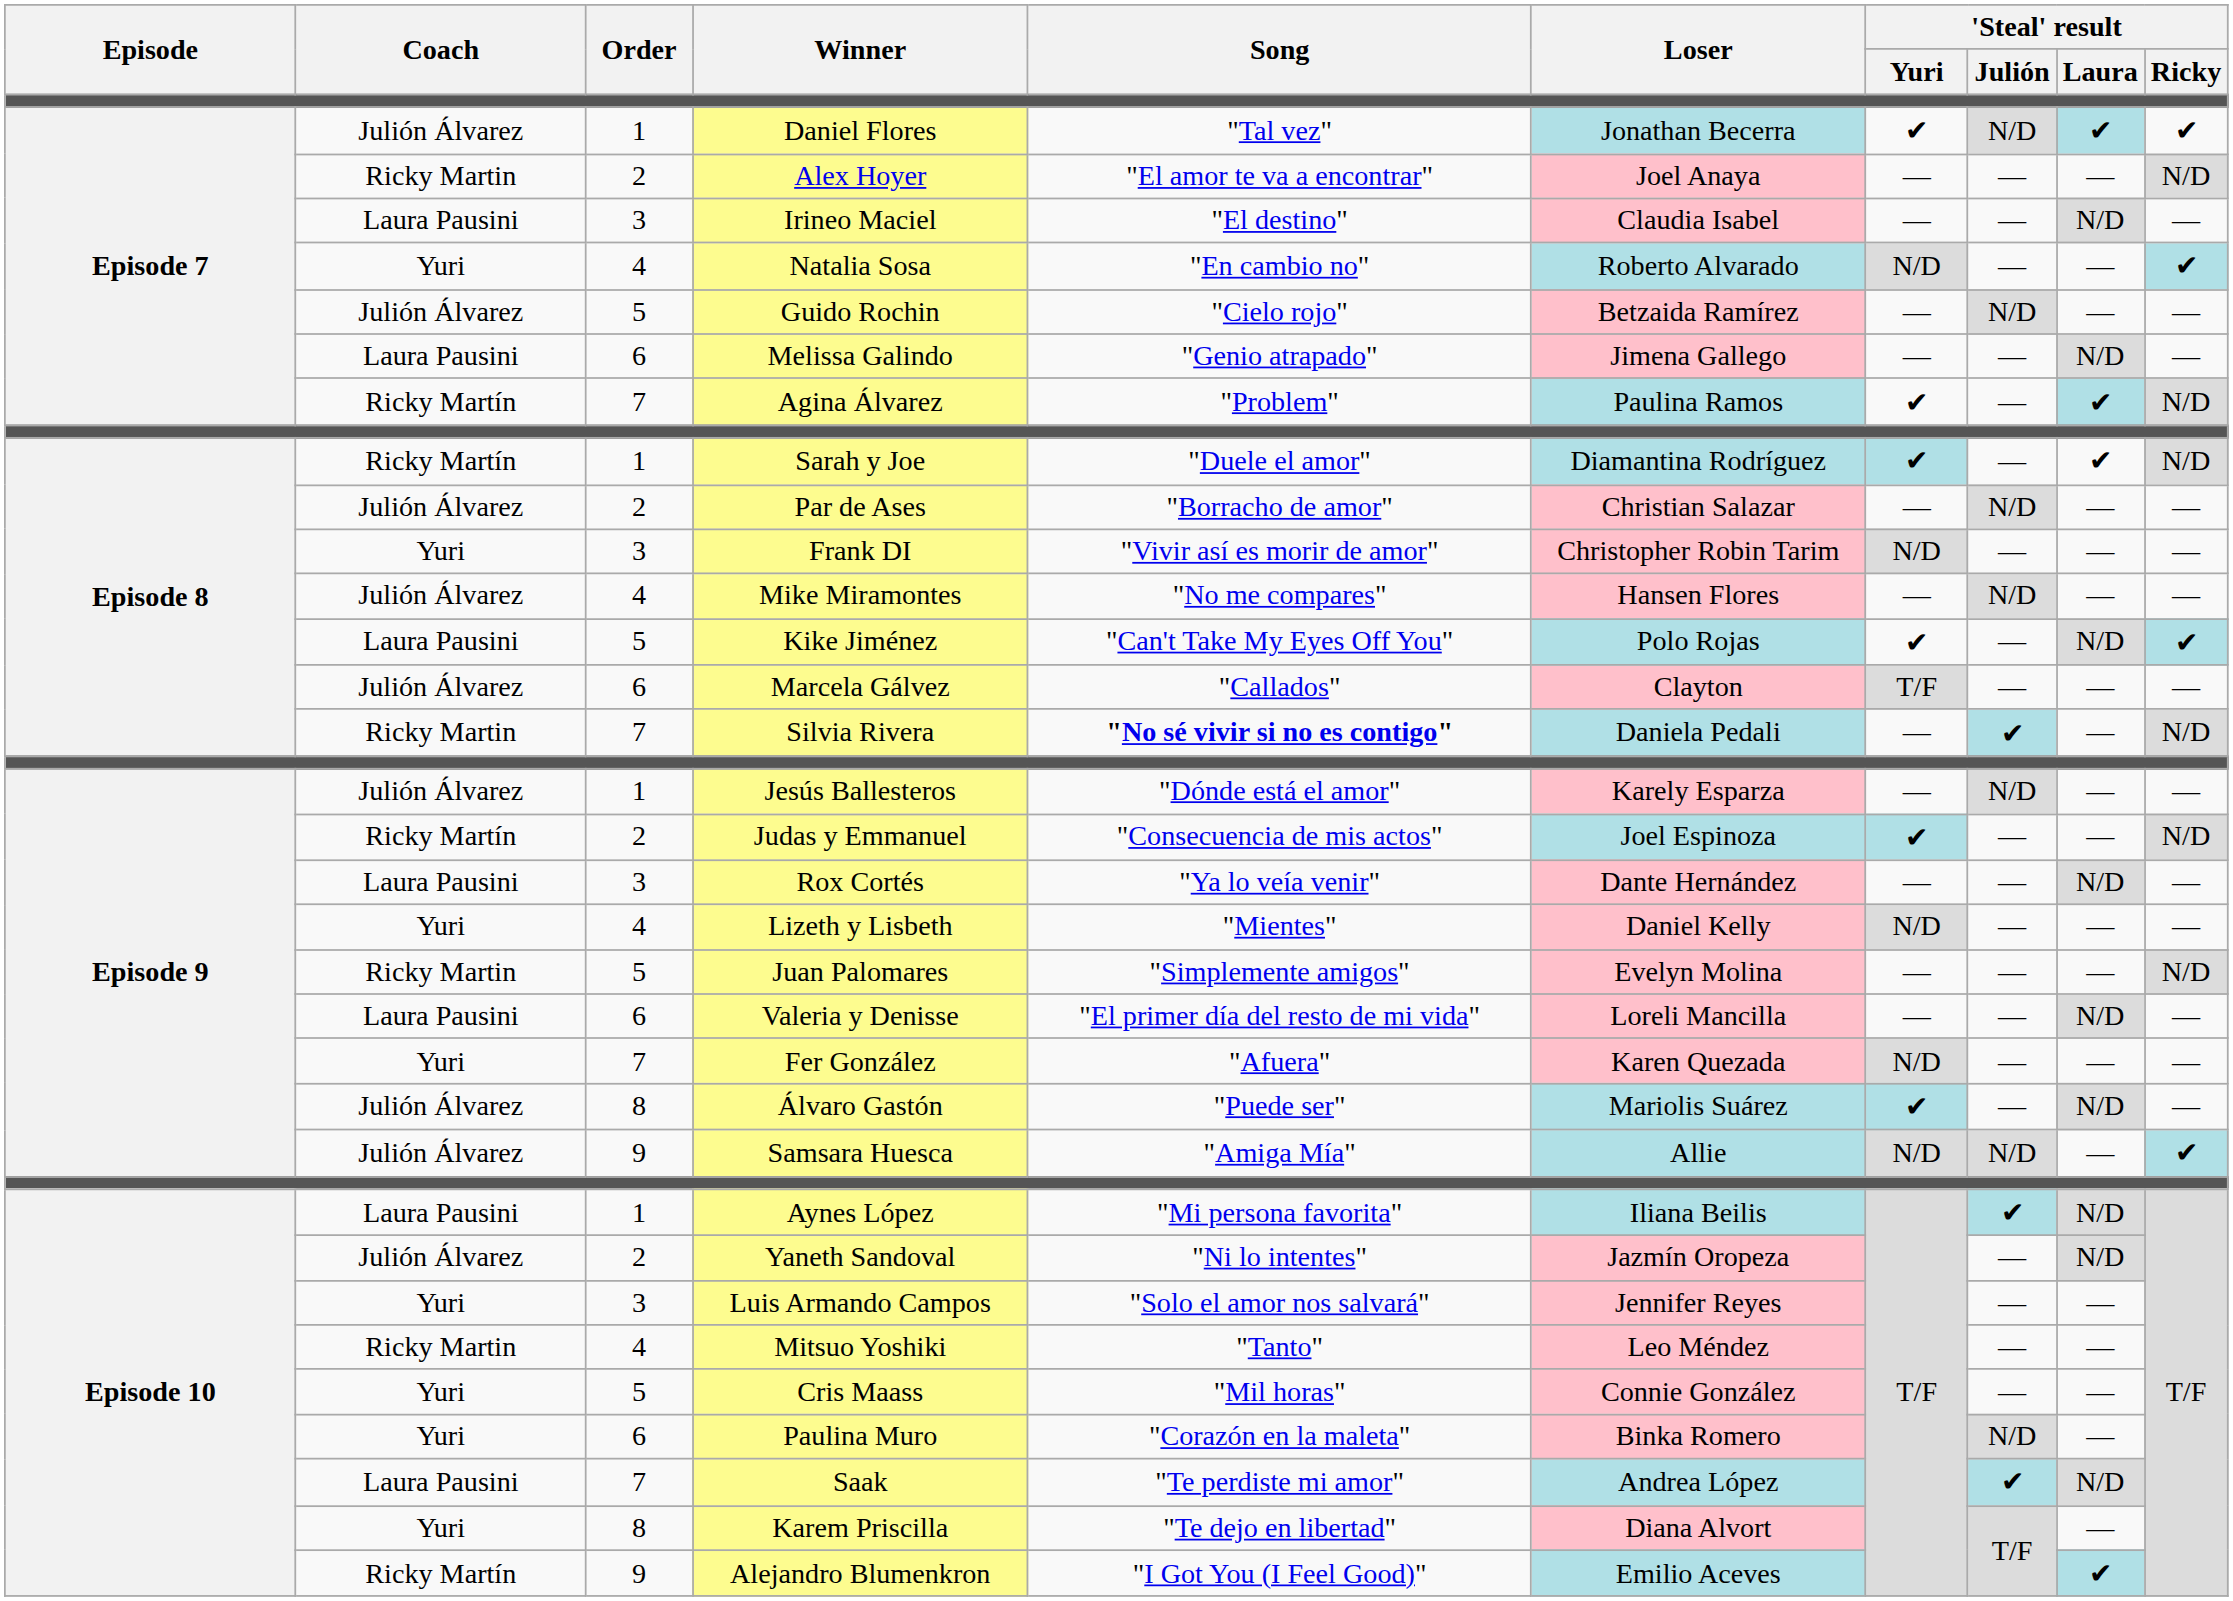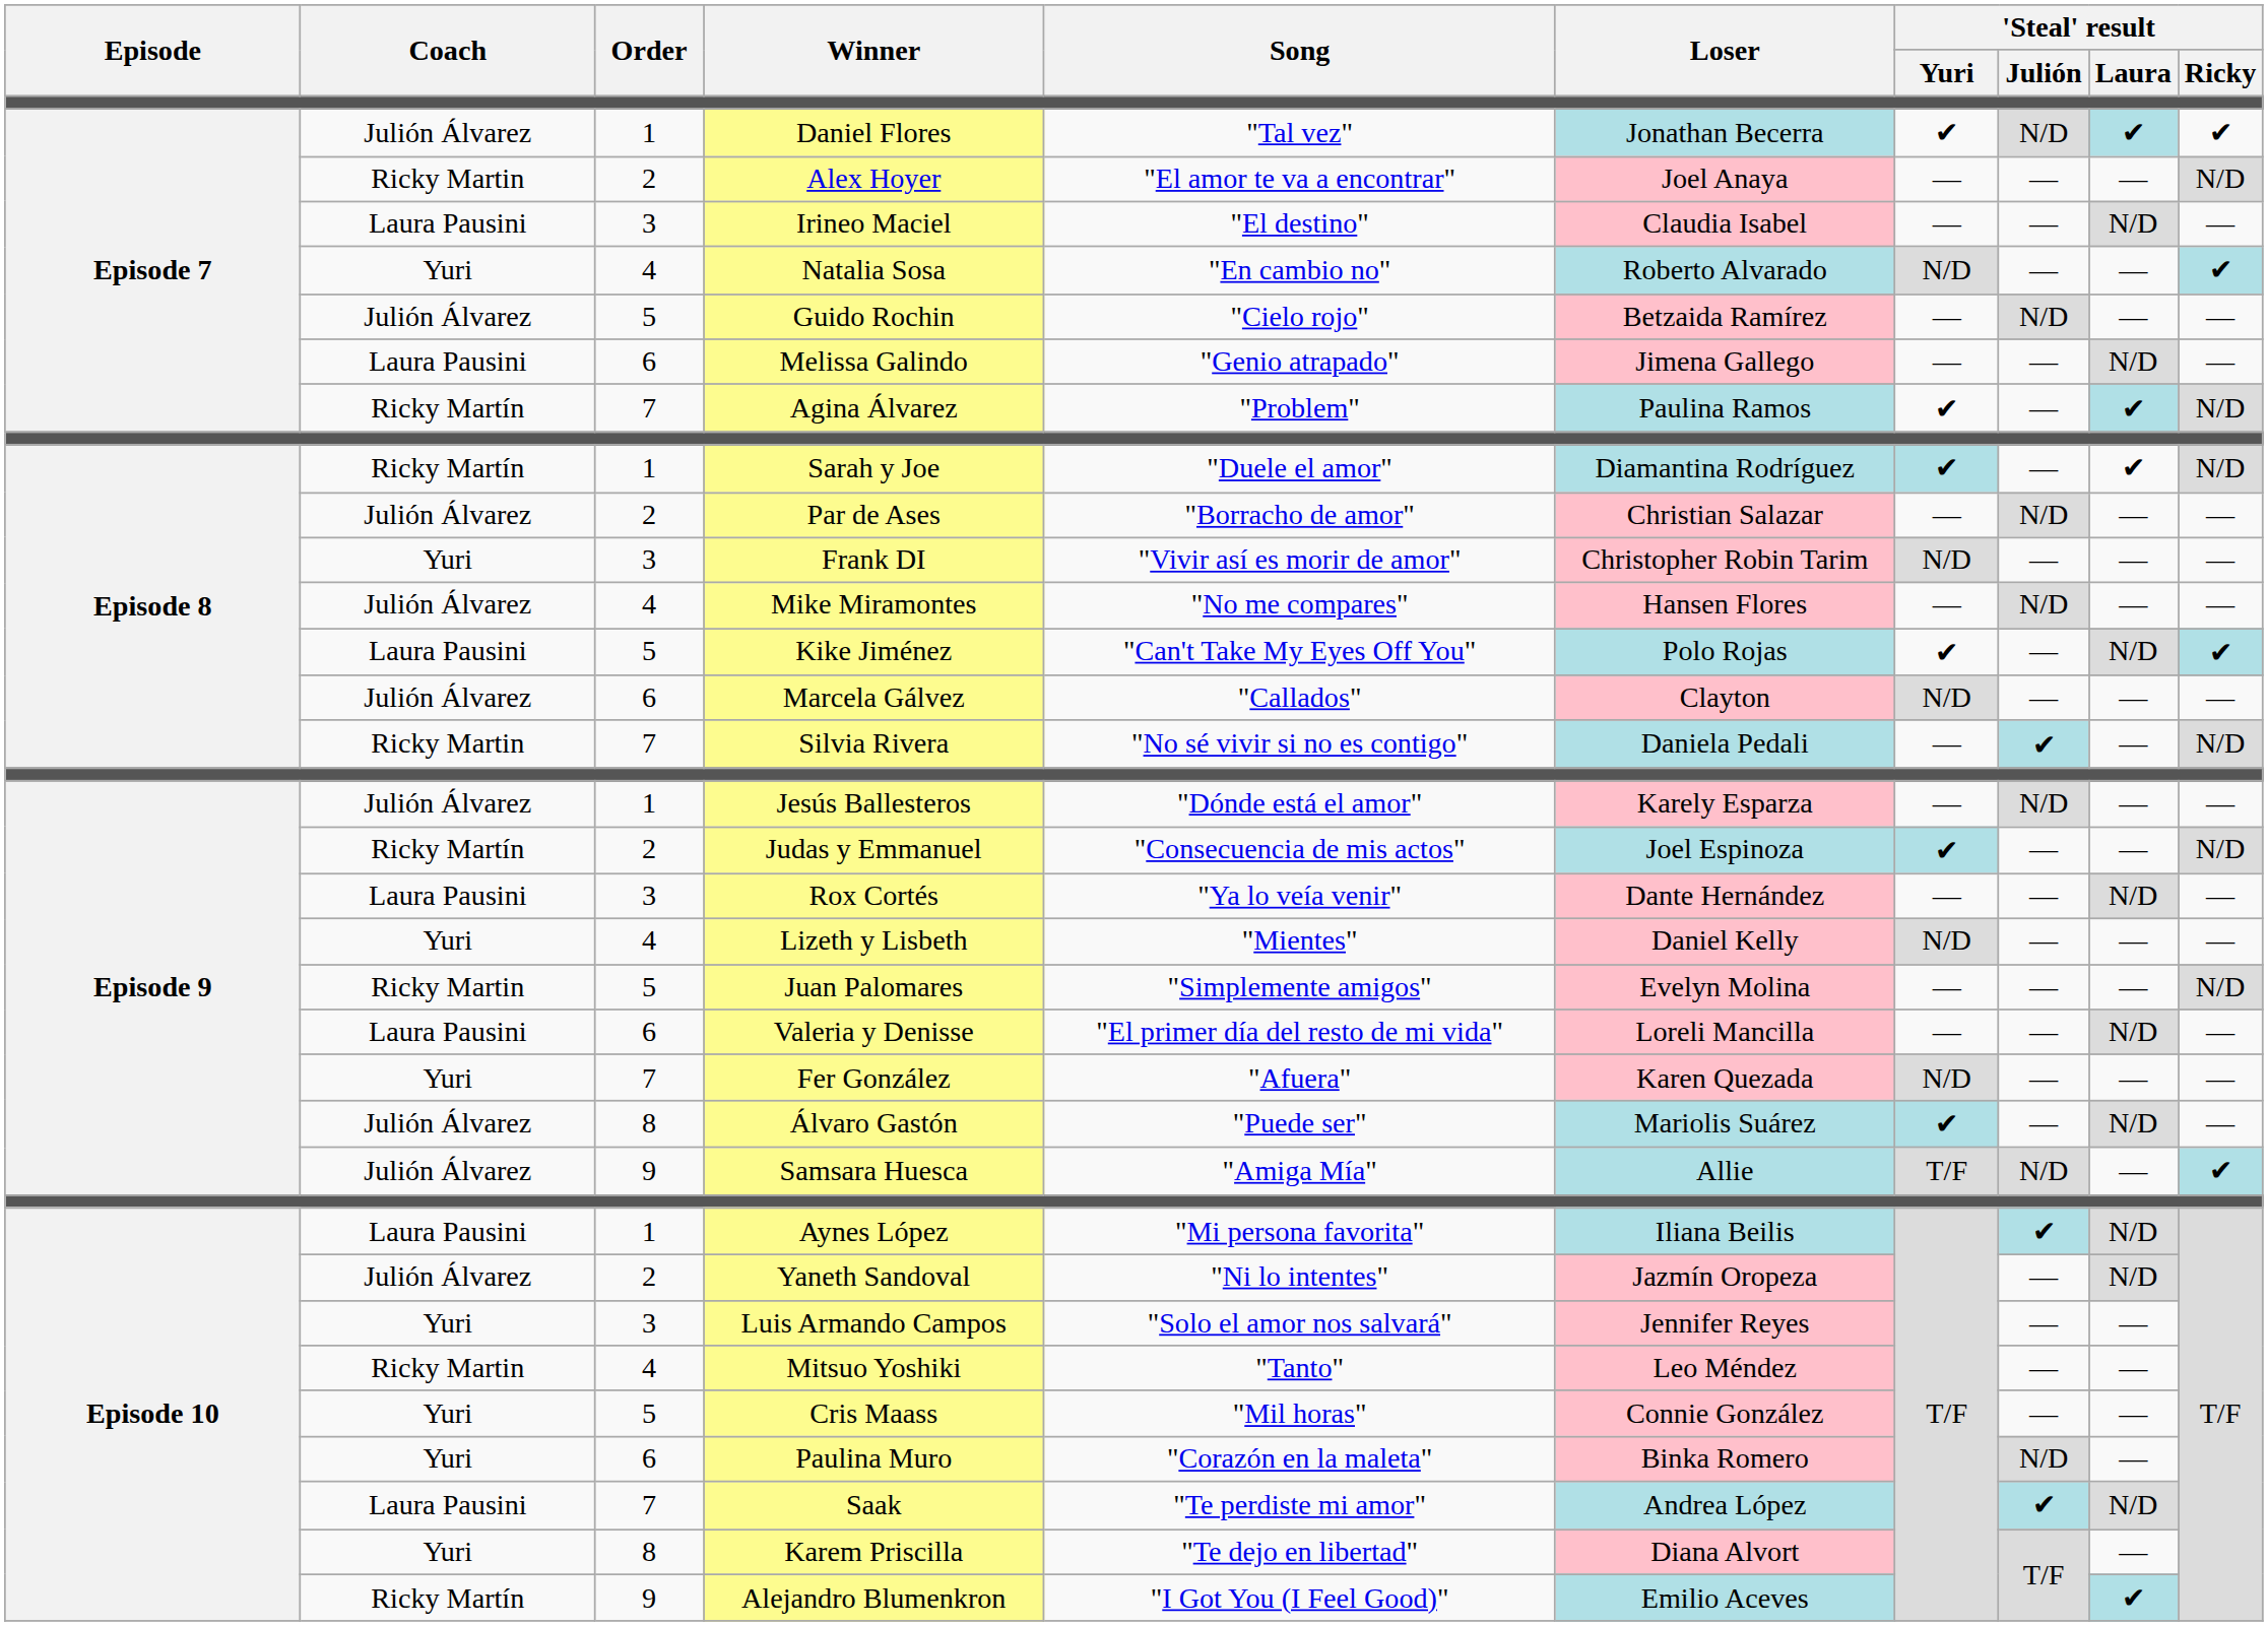 <table class="wikitable" style="text-align: center; width:100%;">
 <tr>
 <th rowspan="2" style="width:15%;">Episode</th>
 <th rowspan="2" style="width:15%;">Coach</th>
 <th rowspan="2" style="width:05%;">Order</th>
 <th rowspan="2" style="width:17%;">Winner</th>
 <th rowspan="2" style="width:26%;">Song</th>
 <th rowspan="2" style="width:17%;">Loser</th>
 <th colspan="4" style="width:20%;">'Steal' result</th>
 </tr>
 <tr>
 <th style="width:06%">Yuri</th>
 <th style="width:06%">Julión</th>
 <th style="width:06%">Laura</th>
 <th style="width:06%">Ricky</th>
 </tr>
 <tr>
 <td colspan="10" style="background:#555;"></td>
 </tr>
 <tr>
 <th rowspan="7">Episode 7 <br><small></small></th>
 <td>Julión Álvarez</td>
 <td>1</td>
 <td style="background:#fdfc8f;">Daniel Flores</td>
 <td>"<a href='#'>Tal vez</a>"</td>
 <td style="background:#b0e0e6">Jonathan Becerra</td>
 <td>✔</td>
 <td style="background:#DCDCDC;">N/D</td>
 <td style="background:#B0E0E6;">✔</td>
 <td>✔</td>
 </tr>
 <tr>
 <td>Ricky Martin</td>
 <td>2</td>
 <td style="background:#fdfc8f;"><a href='#'>Alex Hoyer</a></td>
 <td>"<a href='#'>El amor te va a encontrar</a>"</td>
 <td style="background:pink">Joel Anaya</td>
 <td>—</td>
 <td>—</td>
 <td>—</td>
 <td style="background:#DCDCDC;">N/D</td>
 </tr>
 <tr>
 <td>Laura Pausini</td>
 <td>3</td>
 <td style="background:#fdfc8f;">Irineo Maciel</td>
 <td>"<a href='#'>El destino</a>"</td>
 <td style="background:pink">Claudia Isabel</td>
 <td>—</td>
 <td>—</td>
 <td style="background:#DCDCDC;">N/D</td>
 <td>—</td>
 </tr>
 <tr>
 <td>Yuri</td>
 <td>4</td>
 <td style="background:#fdfc8f;">Natalia Sosa</td>
 <td>"<a href='#'>En cambio no</a>"</td>
 <td style="background:#b0e0e6">Roberto Alvarado</td>
 <td style="background:#DCDCDC;">N/D</td>
 <td>—</td>
 <td>—</td>
 <td style="background:#B0E0E6;">✔</td>
 </tr>
 <tr>
 <td>Julión Álvarez</td>
 <td>5</td>
 <td style="background:#fdfc8f;">Guido Rochin</td>
 <td>"<a href='#'>Cielo rojo</a>"</td>
 <td style="background:pink">Betzaida Ramírez</td>
 <td>—</td>
 <td style="background:#DCDCDC;">N/D</td>
 <td>—</td>
 <td>—</td>
 </tr>
 <tr>
 <td>Laura Pausini</td>
 <td>6</td>
 <td style="background:#fdfc8f;">Melissa Galindo</td>
 <td>"<a href='#'>Genio atrapado</a>"</td>
 <td style="background:pink">Jimena Gallego</td>
 <td>—</td>
 <td>—</td>
 <td style="background:#DCDCDC;">N/D</td>
 <td>—</td>
 </tr>
 <tr>
 <td>Ricky Martín</td>
 <td>7</td>
 <td style="background:#fdfc8f;">Agina Álvarez</td>
 <td>"<a href='#'>Problem</a>"</td>
 <td style="background:#b0e0e6">Paulina Ramos</td>
 <td>✔</td>
 <td>—</td>
 <td style="background:#B0E0E6;">✔</td>
 <td style="background:#DCDCDC;">N/D</td>
 </tr>
 <tr>
 <td colspan="10" style="background:#555;"></td>
 </tr>
 <tr>
 <th rowspan="7">Episode 8 <br><small></small></th>
 <td>Ricky Martín</td>
 <td>1</td>
 <td style="background:#fdfc8f;">Sarah y Joe</td>
 <td>"<a href='#'>Duele el amor</a>"</td>
 <td style="background:#b0e0e6">Diamantina Rodríguez</td>
 <td style="background:#B0E0E6;">✔</td>
 <td>—</td>
 <td>✔</td>
 <td style="background:#DCDCDC;">N/D</td>
 </tr>
 <tr>
 <td>Julión Álvarez</td>
 <td>2</td>
 <td style="background:#fdfc8f;">Par de Ases</td>
 <td>"<a href='#'>Borracho de amor</a>"</td>
 <td style="background:pink">Christian Salazar</td>
 <td>—</td>
 <td style="background:#DCDCDC;">N/D</td>
 <td>—</td>
 <td>—</td>
 </tr>
 <tr>
 <td>Yuri</td>
 <td>3</td>
 <td style="background:#fdfc8f;">Frank DI</td>
 <td>"<a href='#'>Vivir así es morir de amor</a>"</td>
 <td style="background:pink">Christopher Robin Tarim</td>
 <td style="background:#DCDCDC;">N/D</td>
 <td>—</td>
 <td>—</td>
 <td>—</td>
 </tr>
 <tr>
 <td>Julión Álvarez</td>
 <td>4</td>
 <td style="background:#fdfc8f;">Mike Miramontes</td>
 <td>"<a href='#'>No me compares</a>"</td>
 <td style="background:pink">Hansen Flores</td>
 <td>—</td>
 <td style="background:#DCDCDC;">N/D</td>
 <td>—</td>
 <td>—</td>
 </tr>
 <tr>
 <td>Laura Pausini</td>
 <td>5</td>
 <td style="background:#fdfc8f;">Kike Jiménez</td>
 <td>"<a href='#'>Can't Take My Eyes Off You</a>"</td>
 <td style="background:#b0e0e6">Polo Rojas</td>
 <td>✔</td>
 <td>—</td>
 <td style="background:#DCDCDC;">N/D</td>
 <td style="background:#B0E0E6;">✔</td>
 </tr>
 <tr>
 <td>Julión Álvarez</td>
 <td>6</td>
 <td style="background:#fdfc8f;">Marcela Gálvez</td>
 <td>"<a href='#'>Callados</a>"</td>
 <td style="background:pink">Clayton</td>
-<td style="background:#DCDCDC;">T/F</td>
+<td style="background:#DCDCDC;">N/D</td>
 <td>—</td>
 <td>—</td>
 <td>—</td>
 </tr>
 <tr>
 <td>Ricky Martin</td>
 <td>7</td>
 <td style="background:#fdfc8f">Silvia Rivera</td>
-<td><strong>"<a href='#'>No sé vivir si no es contigo</a>"</strong></td>
+<td>"<a href='#'>No sé vivir si no es contigo</a>"</td>
 <td style="background:#B0E0E6">Daniela Pedali</td>
 <td>—</td>
 <td style="background:#B0E0E6;">✔</td>
 <td>—</td>
 <td style="background:#DCDCDC;">N/D</td>
 </tr>
 <tr>
 <td colspan="10" style="background:#555;"></td>
 </tr>
 <tr>
 <th rowspan="9">Episode 9 <br><small></small></th>
 <td>Julión Álvarez</td>
 <td>1</td>
 <td style="background:#fdfc8f;">Jesús Ballesteros</td>
 <td>"<a href='#'>Dónde está el amor</a>"</td>
 <td style="background:pink">Karely Esparza</td>
 <td>—</td>
 <td style="background:#DCDCDC;">N/D</td>
 <td>—</td>
 <td>—</td>
 </tr>
 <tr>
 <td>Ricky Martín</td>
 <td>2</td>
 <td style="background:#fdfc8f;">Judas y Emmanuel</td>
 <td>"<a href='#'>Consecuencia de mis actos</a>"</td>
 <td style="background:#b0e0e6">Joel Espinoza</td>
 <td style="background:#B0E0E6;">✔</td>
 <td>—</td>
 <td>—</td>
 <td style="background:#DCDCDC;">N/D</td>
 </tr>
 <tr>
 <td>Laura Pausini</td>
 <td>3</td>
 <td style="background:#fdfc8f;">Rox Cortés</td>
 <td>"<a href='#'>Ya lo veía venir</a>"</td>
 <td style="background:pink">Dante Hernández</td>
 <td>—</td>
 <td>—</td>
 <td style="background:#DCDCDC;">N/D</td>
 <td>—</td>
 </tr>
 <tr>
 <td>Yuri</td>
 <td>4</td>
 <td style="background:#fdfc8f;">Lizeth y Lisbeth</td>
 <td>"<a href='#'>Mientes</a>"</td>
 <td style="background:pink">Daniel Kelly</td>
 <td style="background:#DCDCDC;">N/D</td>
 <td>—</td>
 <td>—</td>
 <td>—</td>
 </tr>
 <tr>
 <td>Ricky Martin</td>
 <td>5</td>
 <td style="background:#fdfc8f;">Juan Palomares</td>
 <td>"<a href='#'>Simplemente amigos</a>"</td>
 <td style="background:pink">Evelyn Molina</td>
 <td>—</td>
 <td>—</td>
 <td>—</td>
 <td style="background:#DCDCDC;">N/D</td>
 </tr>
 <tr>
 <td>Laura Pausini</td>
 <td>6</td>
 <td style="background:#fdfc8f;">Valeria y Denisse</td>
 <td>"<a href='#'>El primer día del resto de mi vida</a>"</td>
 <td style="background:pink">Loreli Mancilla</td>
 <td>—</td>
 <td>—</td>
 <td style="background:#DCDCDC;">N/D</td>
 <td>—</td>
 </tr>
 <tr>
 <td>Yuri</td>
 <td>7</td>
 <td style="background:#fdfc8f;">Fer González</td>
 <td>"<a href='#'>Afuera</a>"</td>
 <td style="background:pink">Karen Quezada</td>
 <td style="background:#DCDCDC;">N/D</td>
 <td>—</td>
 <td>—</td>
 <td>—</td>
 </tr>
 <tr>
 <td>Julión Álvarez</td>
 <td>8</td>
 <td style="background:#fdfc8f;">Álvaro Gastón</td>
 <td>"<a href='#'>Puede ser</a>"</td>
 <td style="background:#b0e0e6">Mariolis Suárez</td>
 <td style="background:#B0E0E6;">✔</td>
 <td>—</td>
 <td style="background:#DCDCDC;">N/D</td>
 <td>—</td>
 </tr>
 <tr>
 <td>Julión Álvarez</td>
 <td>9</td>
 <td style="background:#fdfc8f;">Samsara Huesca</td>
 <td>"<a href='#'>Amiga Mía</a>"</td>
 <td style="background:#b0e0e6">Allie</td>
-<td style="background:#DCDCDC;">N/D</td>
+<td style="background:#DCDCDC;">T/F</td>
 <td style="background:#DCDCDC;">N/D</td>
 <td>—</td>
 <td style="background:#B0E0E6;">✔</td>
 </tr>
 <tr>
 <td colspan="10" style="background:#555;"></td>
 </tr>
 <tr>
 <th rowspan="9">Episode 10 <br><small></small></th>
 <td>Laura Pausini</td>
 <td>1</td>
 <td style="background:#fdfc8f;">Aynes López</td>
 <td>"<a href='#'>Mi persona favorita</a>"</td>
 <td style="background:#b0e0e6">Iliana Beilis</td>
 <td rowspan=12 style="background:#DCDCDC;">T/F</td>
 <td style="background:#B0E0E6;">✔</td>
 <td style="background:#DCDCDC;">N/D</td>
 <td rowspan=12 style="background:#DCDCDC;">T/F</td>
 </tr>
 <tr>
 <td>Julión Álvarez</td>
 <td>2</td>
 <td style="background:#fdfc8f;">Yaneth Sandoval</td>
 <td>"<a href='#'>Ni lo intentes</a>"</td>
 <td style="background:pink">Jazmín Oropeza</td>
 <td>—</td>
 <td style="background:#DCDCDC;">N/D</td>
 </tr>
 <tr>
 <td>Yuri</td>
 <td>3</td>
 <td style="background:#fdfc8f;">Luis Armando Campos</td>
 <td>"<a href='#'>Solo el amor nos salvará</a>"</td>
 <td style="background:pink">Jennifer Reyes</td>
 <td>—</td>
 <td>—</td>
 </tr>
 <tr>
 <td>Ricky Martin</td>
 <td>4</td>
 <td style="background:#fdfc8f;">Mitsuo Yoshiki</td>
 <td>"<a href='#'>Tanto</a>"</td>
 <td style="background:pink">Leo Méndez</td>
 <td>—</td>
 <td>—</td>
 </tr>
 <tr>
 <td>Yuri</td>
 <td>5</td>
 <td style="background:#fdfc8f;">Cris Maass</td>
 <td>"<a href='#'>Mil horas</a>"</td>
 <td style="background:pink">Connie González</td>
 <td>—</td>
 <td>—</td>
 </tr>
 <tr>
 <td>Yuri</td>
 <td>6</td>
 <td style="background:#fdfc8f;">Paulina Muro</td>
 <td>"<a href='#'>Corazón en la maleta</a>"</td>
 <td style="background:pink">Binka Romero</td>
 <td style="background:#DCDCDC;">N/D</td>
 <td>—</td>
 </tr>
 <tr>
 <td>Laura Pausini</td>
 <td>7</td>
 <td style="background:#fdfc8f;">Saak</td>
 <td>"<a href='#'>Te perdiste mi amor</a>"</td>
 <td style="background:#b0e0e6">Andrea López</td>
 <td style="background:#B0E0E6;">✔</td>
 <td style="background:#DCDCDC;">N/D</td>
 </tr>
 <tr>
 <td>Yuri</td>
 <td>8</td>
 <td style="background:#fdfc8f;">Karem Priscilla</td>
 <td>"<a href='#'>Te dejo en libertad</a>"</td>
 <td style="background:pink">Diana Alvort</td>
 <td rowspan=2 style="background:#DCDCDC;">T/F</td>
 <td>—</td>
 </tr>
 <tr>
 <td>Ricky Martín</td>
 <td>9</td>
 <td style="background:#fdfc8f;">Alejandro Blumenkron</td>
 <td>"<a href='#'>I Got You (I Feel Good)</a>"</td>
 <td style="background:#b0e0e6">Emilio Aceves</td>
 <td style="background:#B0E0E6;">✔</td>
 </tr>
 </table>
